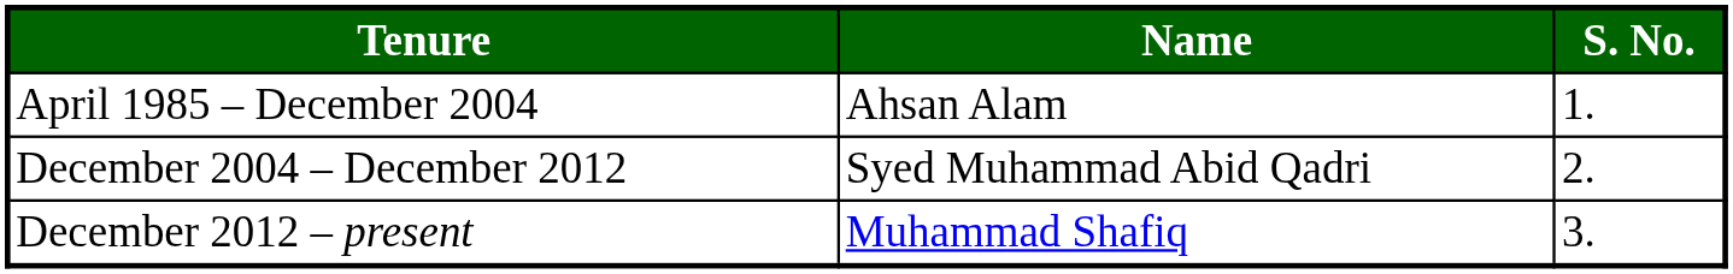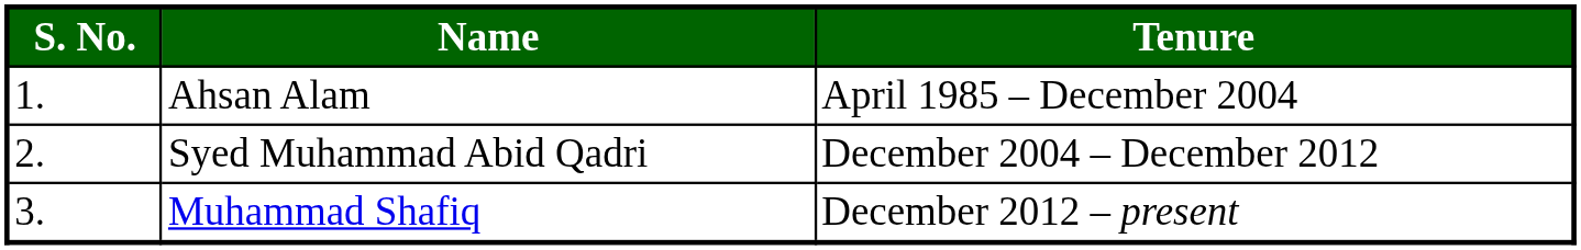 <table class="sortable" style="border-collapse: collapse; border: 2px #000000 solid; font-size: x-big; font-family: verdana" width="70%" cellspacing="0" cellpadding="2" border="1">
 <tr>
+<th style="background-color:#006400; color: white">S. No.</th>
+<th style="background-color:#006400; color: white">Name</th>
 <th style="background-color:#006400; color: white">Tenure</th>
-<th style="background-color:#006400; color: white">Name</th>
-<th style="background-color:#006400; color: white">S. No.</th>
 </tr>
 <tr>
+<td>1.</td>
+<td>Ahsan Alam</td>
 <td>April 1985 – December 2004</td>
-<td>Ahsan Alam</td>
-<td>1.</td>
 </tr>
 <tr>
+<td>2.</td>
+<td>Syed Muhammad Abid Qadri</td>
 <td>December 2004 – December 2012</td>
-<td>Syed Muhammad Abid Qadri</td>
-<td>2.</td>
 </tr>
 <tr>
+<td>3.</td>
+<td><a href='#'>Muhammad Shafiq</a></td>
 <td>December 2012 – <em>present</em></td>
-<td><a href='#'>Muhammad Shafiq</a></td>
-<td>3.</td>
 </tr>
 </table>
